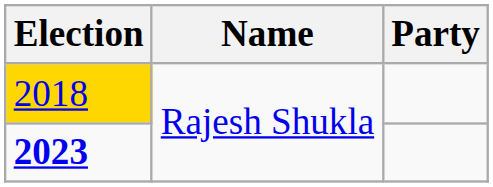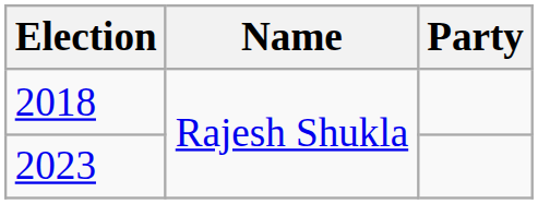 <table class="wikitable sortable">
 <tr>
 <th>Election</th>
 <th>Name</th>
 <th colspan=2>Party</th>
 </tr>
 <tr>
-<td style="background: gold;"><a href='#'>2018</a></td>
+<td><a href='#'>2018</a></td>
 <td rowspan="2"><a href='#'>Rajesh Shukla</a></td>
 <td></td>
 </tr>
 <tr>
-<td><strong><a href='#'>2023</a></strong></td>
+<td><a href='#'>2023</a></td>
 <td></td>
 </tr>
 </table>
